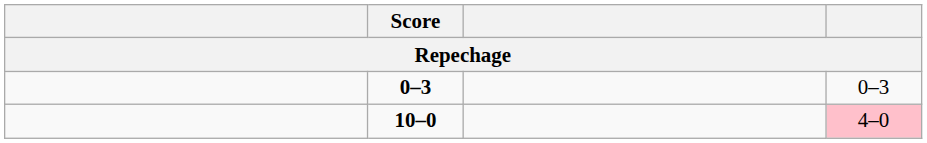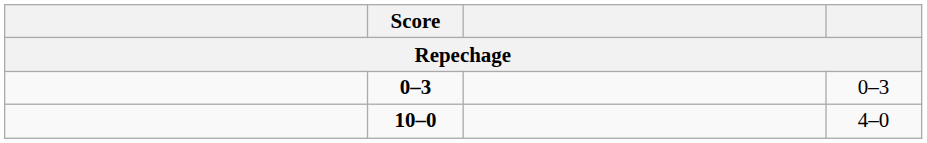 <table class="wikitable" style="text-align: left;">
 <tr>
 <th align="right" width="270"></th>
 <th width="65">Score</th>
 <th align="left" width="270"></th>
 <th width="65"></th>
 </tr>
 <tr>
 <th colspan=4>Repechage</th>
 </tr>
 <tr>
 <td></td>
 <td align="center"><strong>0–3</strong></td>
 <td><strong></strong></td>
 <td align=center>0–3 <strong></strong></td>
 </tr>
 <tr>
 <td><strong></strong></td>
 <td align="center"><strong>10–0</strong></td>
 <td></td>
-<td align=center style="background: pink;">4–0 <strong></strong></td>
+<td align=center>4–0 <strong></strong></td>
 </tr>
 </table>
